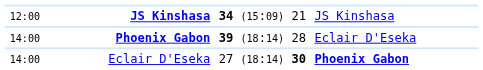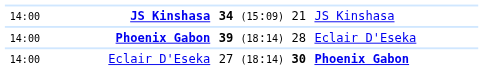 <table style="text-align:center" width=550>
 <tr>
 <th width=5%></th>
 <th width=25%></th>
 <th width=15%></th>
 <th width=25%></th>
 <th width=5%></th>
 </tr>
 <tr align="left" bgcolor=#D0E7FF>
 <td colspan=4></td>
 </tr>
 <tr>
-<td><small>12:00</small></td>
+<td><small>14:00</small></td>
 <td align="right"><strong><a href='#'>JS Kinshasa</a></strong> </td>
 <td><strong>34</strong> <small>(15</small>:<small>09)</small> 21</td>
 <td align=left> <a href='#'>JS Kinshasa</a></td>
 <td></td>
 </tr>
 <tr align="left" bgcolor=#D0E7FF>
 <td colspan=4></td>
 </tr>
 <tr>
 <td><small>14:00</small></td>
 <td align="right"><strong><a href='#'>Phoenix Gabon</a></strong> </td>
 <td><strong>39</strong> <small>(18</small>:<small>14)</small> 28</td>
 <td align=left> <a href='#'>Eclair D'Eseka</a></td>
 <td></td>
 </tr>
 <tr align="left" bgcolor=#D0E7FF>
 <td colspan=4></td>
 </tr>
 <tr>
 <td><small>14:00</small></td>
 <td align="right"><a href='#'>Eclair D'Eseka</a> </td>
 <td>27 <small>(18</small>:<small>14)</small> <strong>30</strong></td>
 <td align=left> <strong><a href='#'>Phoenix Gabon</a></strong></td>
 <td></td>
 </tr>
 </table>
